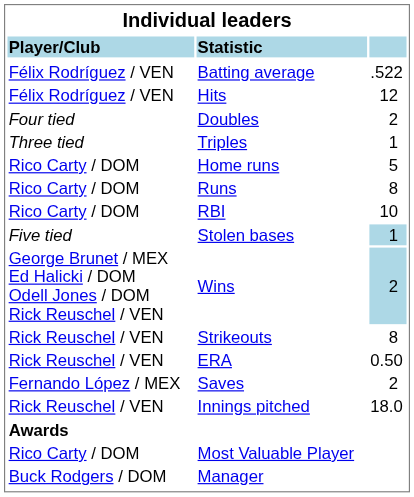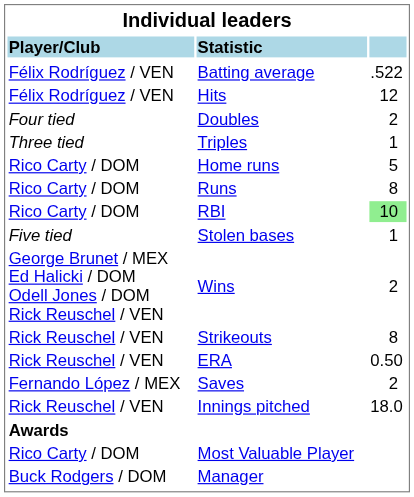 <table cellpadding="1" width="350px" style="font-size: 90%; border: 1px solid gray;">
 <tr align="center" style="font-size: larger;">
 <td colspan=6><strong>Individual leaders</strong></td>
 </tr>
 <tr style="background:lightblue;">
 <td><strong>Player/Club</strong></td>
 <td><strong>Statistic</strong></td>
 <td></td>
 </tr>
 <tr align="center" style="vertical-align: middle;" style="background:lightblue;">
 </tr>
 <tr>
 <td><a href='#'>Félix Rodríguez</a> / VEN</td>
 <td><a href='#'>Batting average</a></td>
 <td>.522</td>
 </tr>
 <tr>
 <td><a href='#'>Félix Rodríguez</a> / VEN</td>
 <td><a href='#'>Hits</a></td>
 <td>  12</td>
 </tr>
 <tr>
 <td><em>Four tied</em></td>
 <td><a href='#'>Doubles</a></td>
 <td>     2</td>
 </tr>
 <tr>
 <td><em>Three tied</em></td>
 <td><a href='#'>Triples</a></td>
 <td>    1</td>
 </tr>
 <tr>
 <td><a href='#'>Rico Carty</a> / DOM</td>
 <td><a href='#'>Home runs</a></td>
 <td>     5</td>
 </tr>
 <tr>
 <td><a href='#'>Rico Carty</a> / DOM</td>
 <td><a href='#'>Runs</a></td>
 <td>     8</td>
 </tr>
 <tr>
 <td><a href='#'>Rico Carty</a> / DOM</td>
 <td><a href='#'>RBI</a></td>
-<td>  10</td>
+<td style="background: lightgreen;">  10</td>
 </tr>
 <tr>
 <td><em>Five tied</em></td>
 <td><a href='#'>Stolen bases</a></td>
-<td style="background: lightblue;">     1</td>
+<td>     1</td>
 </tr>
 <tr>
 <td><a href='#'>George Brunet</a> / MEX<br><a href='#'>Ed Halicki</a> / DOM<br><a href='#'>Odell Jones</a> / DOM<br><a href='#'>Rick Reuschel</a> / VEN</td>
 <td><a href='#'>Wins</a></td>
-<td style="background: lightblue;">    2</td>
+<td>    2</td>
 </tr>
 <tr>
 <td><a href='#'>Rick Reuschel</a> / VEN</td>
 <td><a href='#'>Strikeouts</a></td>
 <td>    8</td>
 </tr>
 <tr>
 <td><a href='#'>Rick Reuschel</a> / VEN</td>
 <td><a href='#'>ERA</a></td>
 <td>0.50</td>
 </tr>
 <tr>
 <td><a href='#'>Fernando López</a> / MEX</td>
 <td><a href='#'>Saves</a></td>
 <td>    2</td>
 </tr>
 <tr>
 <td><a href='#'>Rick Reuschel</a> / VEN</td>
 <td><a href='#'>Innings pitched</a></td>
 <td>18.0</td>
 </tr>
 <tr>
 <td><strong>Awards</strong></td>
 </tr>
 <tr>
 <td><a href='#'>Rico Carty</a> / DOM</td>
 <td><a href='#'>Most Valuable Player</a></td>
 </tr>
 <tr>
 <td><a href='#'>Buck Rodgers</a> / DOM</td>
 <td><a href='#'>Manager</a></td>
 </tr>
 <tr>
 </tr>
 </table>
